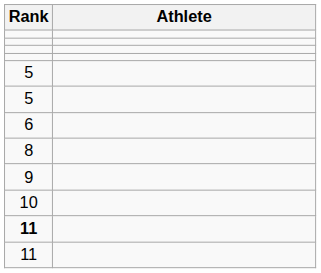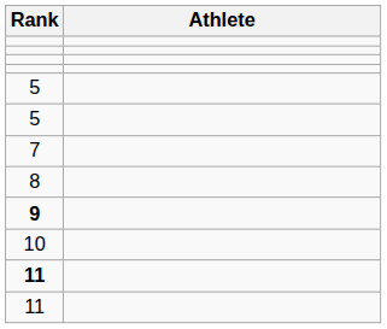 <table class="wikitable" style="text-align: center;">
 <tr>
 <th width=40>Rank</th>
 <th width=250>Athlete</th>
 </tr>
 <tr>
 <td></td>
 <td align="left"></td>
 </tr>
 <tr>
 <td></td>
 <td align="left"></td>
 </tr>
 <tr>
 <td></td>
 <td align="left"></td>
 </tr>
 <tr>
 <td></td>
 <td align="left"></td>
 </tr>
 <tr>
 <td>5</td>
 <td align="left"></td>
 </tr>
 <tr>
 <td>5</td>
 <td align="left"></td>
 </tr>
 <tr>
-<td>6</td>
+<td>7</td>
 <td align="left"></td>
 </tr>
 <tr>
 <td>8</td>
 <td align="left"></td>
 </tr>
 <tr>
-<td>9</td>
+<td><strong>9</strong></td>
 <td align="left"></td>
 </tr>
 <tr>
 <td>10</td>
 <td align="left"></td>
 </tr>
 <tr>
 <td><strong>11</strong></td>
 <td align="left"></td>
 </tr>
 <tr>
 <td>11</td>
 <td align="left"></td>
 </tr>
 </table>
